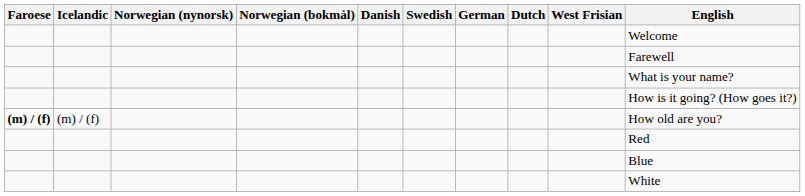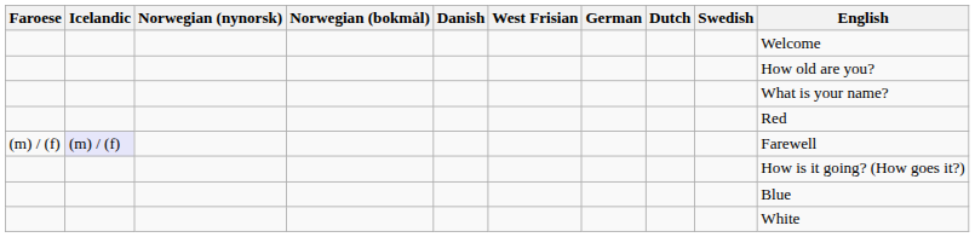 <table class="wikitable sortable">
 <tr>
 <th>Faroese</th>
 <th>Icelandic</th>
 <th>Norwegian (nynorsk)</th>
 <th>Norwegian (bokmål)</th>
 <th>Danish</th>
-<th>Swedish</th>
+<th>West Frisian</th>
 <th>German</th>
 <th>Dutch</th>
-<th>West Frisian</th>
+<th>Swedish</th>
 <th>English</th>
 </tr>
 <tr>
 <td></td>
 <td></td>
 <td></td>
 <td></td>
 <td></td>
 <td></td>
 <td></td>
 <td></td>
 <td></td>
 <td>Welcome</td>
 </tr>
 <tr>
 <td></td>
 <td></td>
 <td></td>
 <td></td>
 <td></td>
 <td></td>
 <td></td>
 <td></td>
 <td></td>
-<td>Farewell</td>
+<td>How old are you?</td>
 </tr>
 <tr>
 <td></td>
 <td></td>
 <td></td>
 <td></td>
 <td></td>
 <td></td>
 <td></td>
 <td></td>
 <td></td>
 <td>What is your name?</td>
 </tr>
 <tr>
 <td></td>
 <td></td>
 <td></td>
 <td></td>
 <td></td>
 <td></td>
 <td></td>
 <td></td>
 <td></td>
-<td>How is it going? (How goes it?)</td>
+<td>Red</td>
 </tr>
 <tr>
-<td><strong> (m) /  (f) </strong></td>
 <td> (m) /  (f) </td>
+<td style="background: lavender;"> (m) /  (f) </td>
 <td></td>
 <td></td>
 <td></td>
 <td></td>
 <td></td>
 <td></td>
 <td></td>
-<td>How old are you?</td>
+<td>Farewell</td>
 </tr>
 <tr>
 <td></td>
 <td></td>
 <td></td>
 <td></td>
 <td></td>
 <td></td>
 <td></td>
 <td></td>
 <td></td>
-<td>Red</td>
+<td>How is it going? (How goes it?)</td>
 </tr>
 <tr>
 <td></td>
 <td></td>
 <td></td>
 <td></td>
 <td></td>
 <td></td>
 <td></td>
 <td></td>
 <td></td>
 <td>Blue</td>
 </tr>
 <tr>
 <td></td>
 <td></td>
 <td></td>
 <td></td>
 <td></td>
 <td></td>
 <td></td>
 <td></td>
 <td></td>
 <td>White</td>
 </tr>
 </table>
